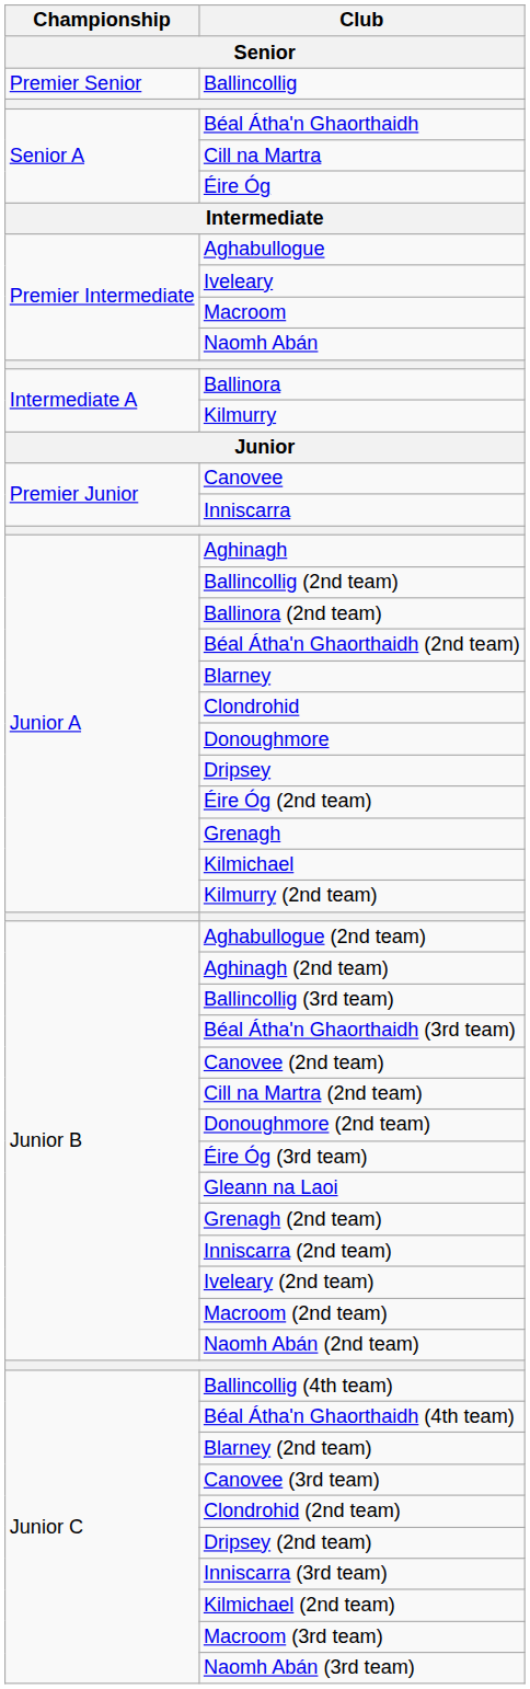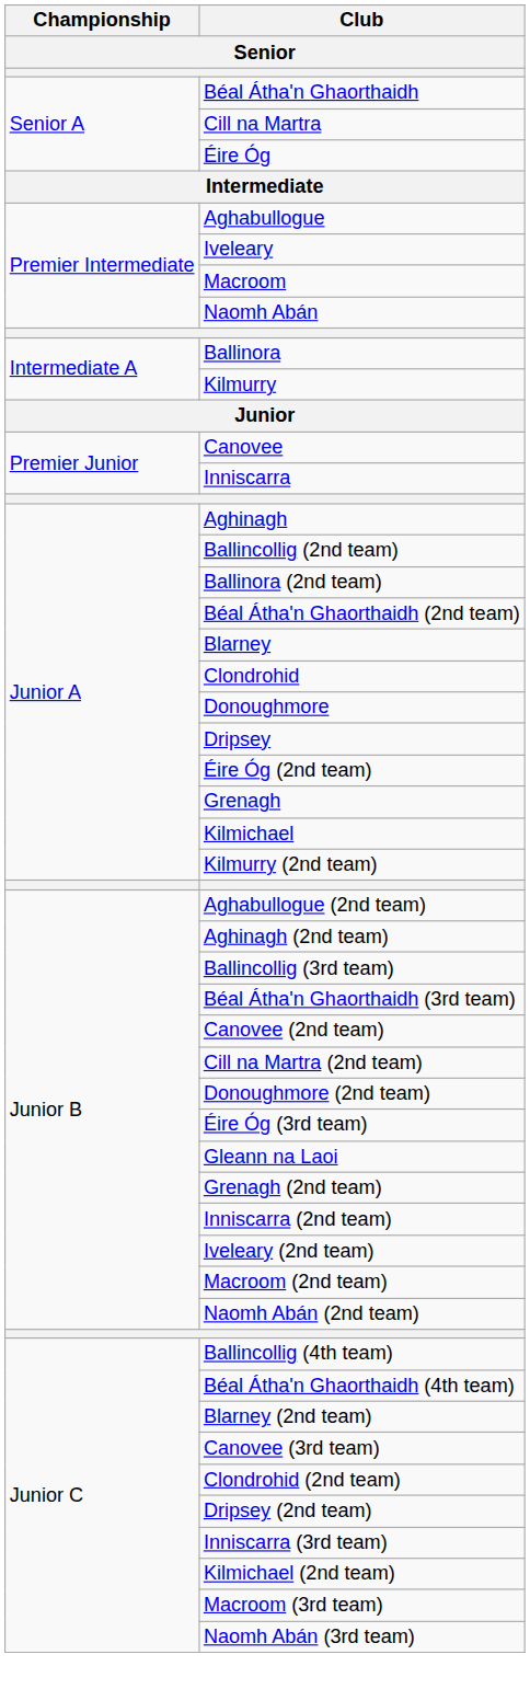 <table class="wikitable sortable">
 <tr>
 <th>Championship</th>
 <th>Club</th>
 </tr>
 <tr>
 <th colspan="2">Senior</th>
-</tr>
-<tr>
-<td><a href='#'>Premier Senior</a></td>
-<td> <a href='#'>Ballincollig</a></td>
 </tr>
 <tr>
 <th colspan="2"></th>
 </tr>
 <tr>
 <td rowspan="3"><a href='#'>Senior A</a></td>
 <td> <a href='#'>Béal Átha'n Ghaorthaidh</a></td>
 </tr>
 <tr>
 <td> <a href='#'>Cill na Martra</a></td>
 </tr>
 <tr>
 <td> <a href='#'>Éire Óg</a></td>
 </tr>
 <tr>
 <th colspan="2">Intermediate</th>
 </tr>
 <tr>
 <td rowspan="4"><a href='#'>Premier Intermediate</a></td>
 <td> <a href='#'>Aghabullogue</a></td>
 </tr>
 <tr>
 <td> <a href='#'>Iveleary</a></td>
 </tr>
 <tr>
 <td> <a href='#'>Macroom</a></td>
 </tr>
 <tr>
 <td> <a href='#'>Naomh Abán</a></td>
 </tr>
 <tr>
 <th colspan="2"></th>
 </tr>
 <tr>
 <td rowspan="2"><a href='#'>Intermediate A</a></td>
 <td> <a href='#'>Ballinora</a></td>
 </tr>
 <tr>
 <td> <a href='#'>Kilmurry</a></td>
 </tr>
 <tr>
 <th colspan="2">Junior</th>
 </tr>
 <tr>
 <td rowspan="2"><a href='#'>Premier Junior</a></td>
 <td> <a href='#'>Canovee</a></td>
 </tr>
 <tr>
 <td> <a href='#'>Inniscarra</a></td>
 </tr>
 <tr>
 <th colspan="2"></th>
 </tr>
 <tr>
 <td rowspan="12"><a href='#'>Junior A</a></td>
 <td> <a href='#'>Aghinagh</a></td>
 </tr>
 <tr>
 <td> <a href='#'>Ballincollig</a> (2nd team)</td>
 </tr>
 <tr>
 <td> <a href='#'>Ballinora</a> (2nd team)</td>
 </tr>
 <tr>
 <td> <a href='#'>Béal Átha'n Ghaorthaidh</a> (2nd team)</td>
 </tr>
 <tr>
 <td> <a href='#'>Blarney</a></td>
 </tr>
 <tr>
 <td> <a href='#'>Clondrohid</a></td>
 </tr>
 <tr>
 <td> <a href='#'>Donoughmore</a></td>
 </tr>
 <tr>
 <td> <a href='#'>Dripsey</a></td>
 </tr>
 <tr>
 <td> <a href='#'>Éire Óg</a> (2nd team)</td>
 </tr>
 <tr>
 <td> <a href='#'>Grenagh</a></td>
 </tr>
 <tr>
 <td> <a href='#'>Kilmichael</a></td>
 </tr>
 <tr>
 <td> <a href='#'>Kilmurry</a> (2nd team)</td>
 </tr>
 <tr>
 <th></th>
 <th></th>
 </tr>
 <tr>
 <td rowspan="14">Junior B</td>
 <td> <a href='#'>Aghabullogue</a> (2nd team)</td>
 </tr>
 <tr>
 <td> <a href='#'>Aghinagh</a> (2nd team)</td>
 </tr>
 <tr>
 <td> <a href='#'>Ballincollig</a> (3rd team)</td>
 </tr>
 <tr>
 <td> <a href='#'>Béal Átha'n Ghaorthaidh</a> (3rd team)</td>
 </tr>
 <tr>
 <td> <a href='#'>Canovee</a> (2nd team)</td>
 </tr>
 <tr>
 <td> <a href='#'>Cill na Martra</a> (2nd team)</td>
 </tr>
 <tr>
 <td> <a href='#'>Donoughmore</a> (2nd team)</td>
 </tr>
 <tr>
 <td> <a href='#'>Éire Óg</a> (3rd team)</td>
 </tr>
 <tr>
 <td> <a href='#'>Gleann na Laoi</a></td>
 </tr>
 <tr>
 <td> <a href='#'>Grenagh</a> (2nd team)</td>
 </tr>
 <tr>
 <td> <a href='#'>Inniscarra</a> (2nd team)</td>
 </tr>
 <tr>
 <td> <a href='#'>Iveleary</a> (2nd team)</td>
 </tr>
 <tr>
 <td> <a href='#'>Macroom</a> (2nd team)</td>
 </tr>
 <tr>
 <td> <a href='#'>Naomh Abán</a> (2nd team)</td>
 </tr>
 <tr>
 <th colspan="2"></th>
 </tr>
 <tr>
 <td rowspan="10">Junior C</td>
 <td> <a href='#'>Ballincollig</a> (4th team)</td>
 </tr>
 <tr>
 <td> <a href='#'>Béal Átha'n Ghaorthaidh</a> (4th team)</td>
 </tr>
 <tr>
 <td> <a href='#'>Blarney</a> (2nd team)</td>
 </tr>
 <tr>
 <td> <a href='#'>Canovee</a> (3rd team)</td>
 </tr>
 <tr>
 <td> <a href='#'>Clondrohid</a> (2nd team)</td>
 </tr>
 <tr>
 <td> <a href='#'>Dripsey</a> (2nd team)</td>
 </tr>
 <tr>
 <td> <a href='#'>Inniscarra</a> (3rd team)</td>
 </tr>
 <tr>
 <td> <a href='#'>Kilmichael</a> (2nd team)</td>
 </tr>
 <tr>
 <td> <a href='#'>Macroom</a> (3rd team)</td>
 </tr>
 <tr>
 <td> <a href='#'>Naomh Abán</a> (3rd team)</td>
 </tr>
 </table>
